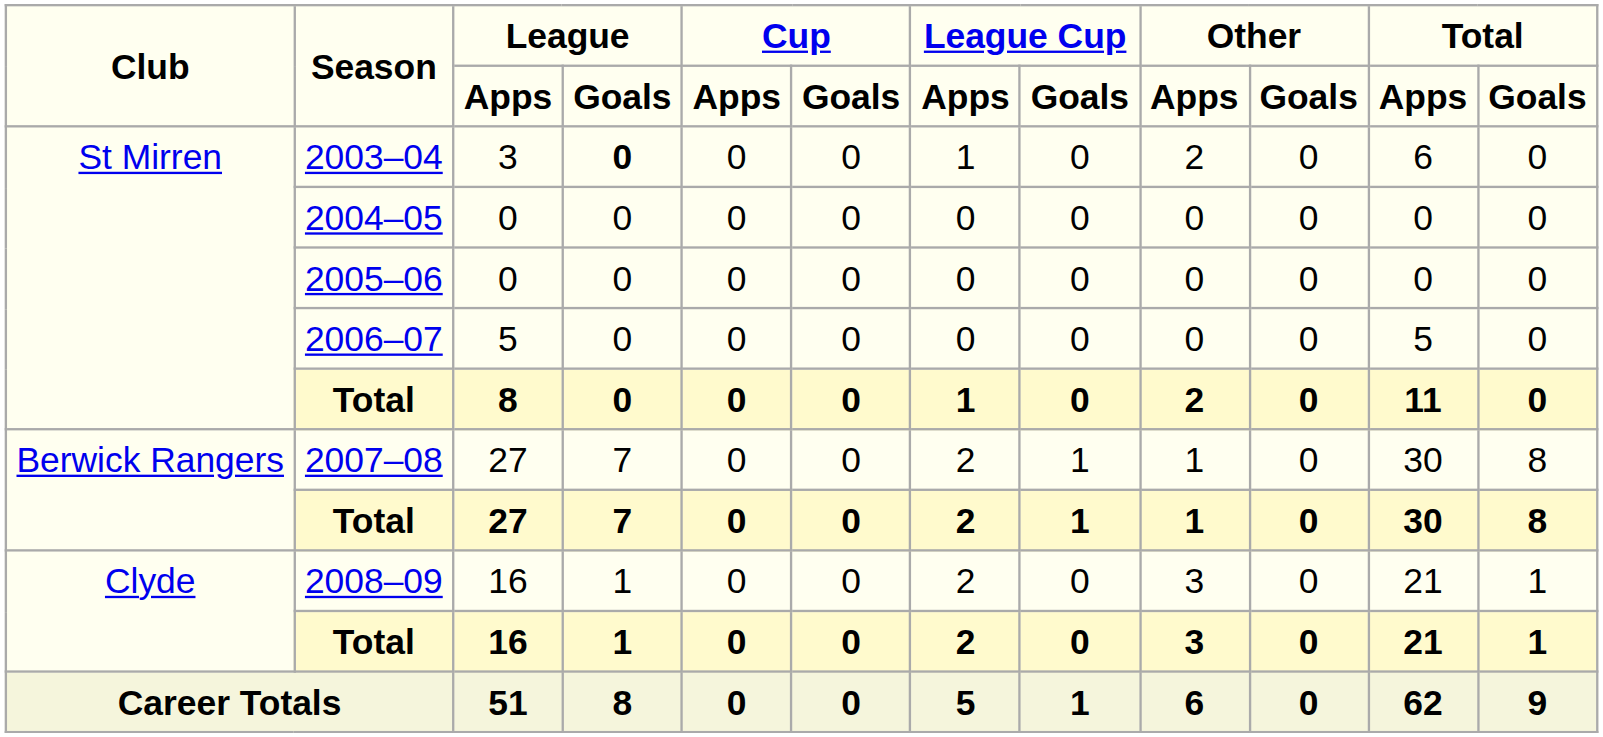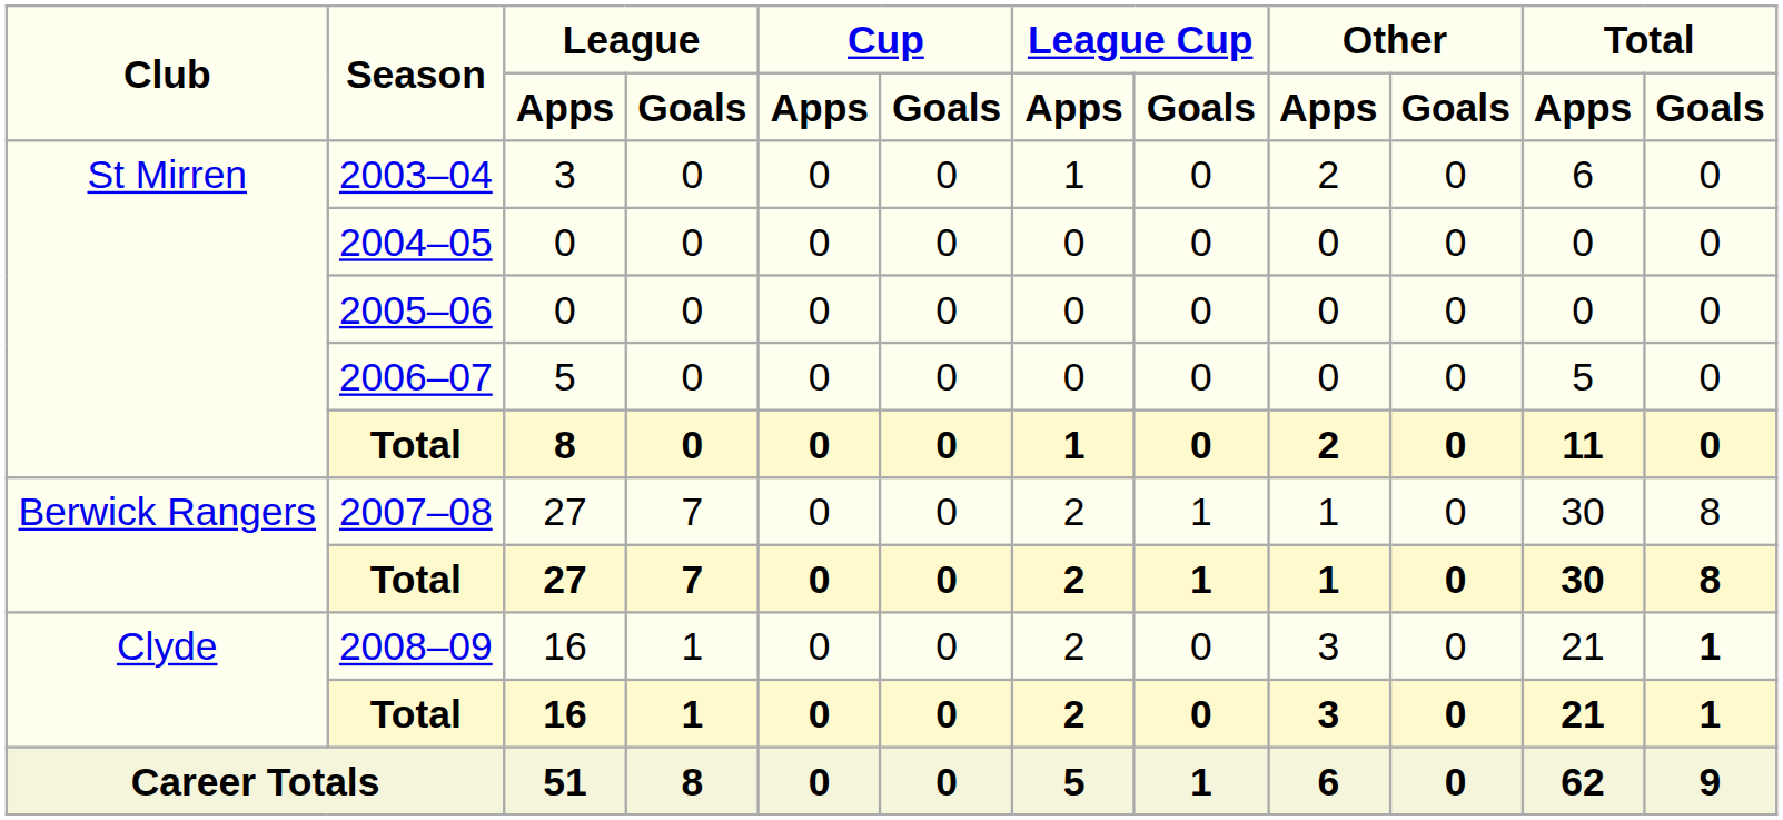 <table border=1 align=center cellpadding=4 cellspacing=2 style="background: ivory; font-size: 95%; border: 1px #aaaaaa solid; border-collapse: collapse; clear:center">
 <tr>
 <th rowspan="2">Club</th>
 <th rowspan="2">Season</th>
 <th colspan="2">League</th>
 <th colspan="2"><a href='#'>Cup</a></th>
 <th colspan="2"><a href='#'>League Cup</a></th>
 <th colspan="2">Other</th>
 <th colspan="2">Total</th>
 </tr>
 <tr>
 <th>Apps</th>
 <th>Goals</th>
 <th>Apps</th>
 <th>Goals</th>
 <th>Apps</th>
 <th>Goals</th>
 <th>Apps</th>
 <th>Goals</th>
 <th>Apps</th>
 <th>Goals</th>
 </tr>
 <tr align=center>
 <td rowspan="5" valign=top><a href='#'>St Mirren</a></td>
 <td><a href='#'>2003–04</a></td>
 <td>3</td>
-<td><strong>0</strong></td>
+<td>0</td>
 <td>0</td>
 <td>0</td>
 <td>1</td>
 <td>0</td>
 <td>2</td>
 <td>0</td>
 <td>6</td>
 <td>0</td>
 </tr>
 <tr align=center>
 <td><a href='#'>2004–05</a></td>
 <td>0</td>
 <td>0</td>
 <td>0</td>
 <td>0</td>
 <td>0</td>
 <td>0</td>
 <td>0</td>
 <td>0</td>
 <td>0</td>
 <td>0</td>
 </tr>
 <tr align=center>
 <td><a href='#'>2005–06</a></td>
 <td>0</td>
 <td>0</td>
 <td>0</td>
 <td>0</td>
 <td>0</td>
 <td>0</td>
 <td>0</td>
 <td>0</td>
 <td>0</td>
 <td>0</td>
 </tr>
 <tr align=center>
 <td><a href='#'>2006–07</a></td>
 <td>5</td>
 <td>0</td>
 <td>0</td>
 <td>0</td>
 <td>0</td>
 <td>0</td>
 <td>0</td>
 <td>0</td>
 <td>5</td>
 <td>0</td>
 </tr>
 <tr style="background:lemonchiffon">
 <th>Total</th>
 <th>8</th>
 <th>0</th>
 <th>0</th>
 <th>0</th>
 <th>1</th>
 <th>0</th>
 <th>2</th>
 <th>0</th>
 <th>11</th>
 <th>0</th>
 </tr>
 <tr align=center>
 <td rowspan="2" valign=top><a href='#'>Berwick Rangers</a></td>
 <td><a href='#'>2007–08</a></td>
 <td>27</td>
 <td>7</td>
 <td>0</td>
 <td>0</td>
 <td>2</td>
 <td>1</td>
 <td>1</td>
 <td>0</td>
 <td>30</td>
 <td>8</td>
 </tr>
 <tr style="background:lemonchiffon">
 <th>Total</th>
 <th>27</th>
 <th>7</th>
 <th>0</th>
 <th>0</th>
 <th>2</th>
 <th>1</th>
 <th>1</th>
 <th>0</th>
 <th>30</th>
 <th>8</th>
 </tr>
 <tr align=center>
 <td rowspan="2" valign=top><a href='#'>Clyde</a></td>
 <td><a href='#'>2008–09</a></td>
 <td>16</td>
 <td>1</td>
 <td>0</td>
 <td>0</td>
 <td>2</td>
 <td>0</td>
 <td>3</td>
 <td>0</td>
 <td>21</td>
-<td>1</td>
+<td><strong>1</strong></td>
 </tr>
 <tr style="background:lemonchiffon">
 <th>Total</th>
 <th>16</th>
 <th>1</th>
 <th>0</th>
 <th>0</th>
 <th>2</th>
 <th>0</th>
 <th>3</th>
 <th>0</th>
 <th>21</th>
 <th>1</th>
 </tr>
 <tr style="background:beige">
 <th colspan="2">Career Totals</th>
 <th>51</th>
 <th>8</th>
 <th>0</th>
 <th>0</th>
 <th>5</th>
 <th>1</th>
 <th>6</th>
 <th>0</th>
 <th>62</th>
 <th>9</th>
 </tr>
 </table>
